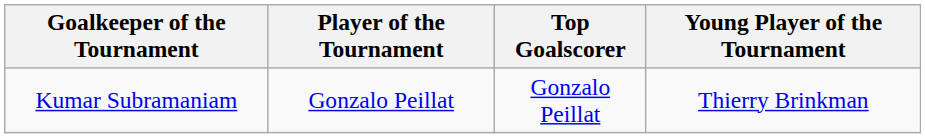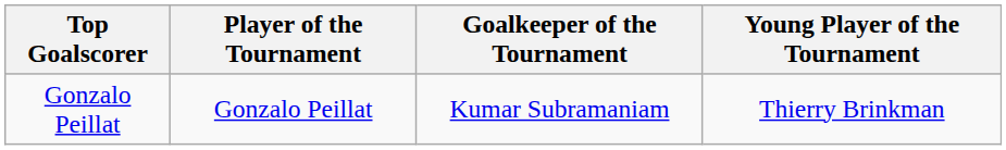 <table class=wikitable style="margin:auto; text-align:center">
 <tr>
+<th>Top Goalscorer</th>
+<th>Player of the Tournament</th>
 <th>Goalkeeper of the Tournament</th>
-<th>Player of the Tournament</th>
-<th>Top Goalscorer</th>
 <th>Young Player of the Tournament</th>
 </tr>
 <tr>
-<td> <a href='#'>Kumar Subramaniam</a></td>
 <td> <a href='#'>Gonzalo Peillat</a></td>
 <td> <a href='#'>Gonzalo Peillat</a></td>
+<td> <a href='#'>Kumar Subramaniam</a></td>
 <td> <a href='#'>Thierry Brinkman</a></td>
 </tr>
 </table>
